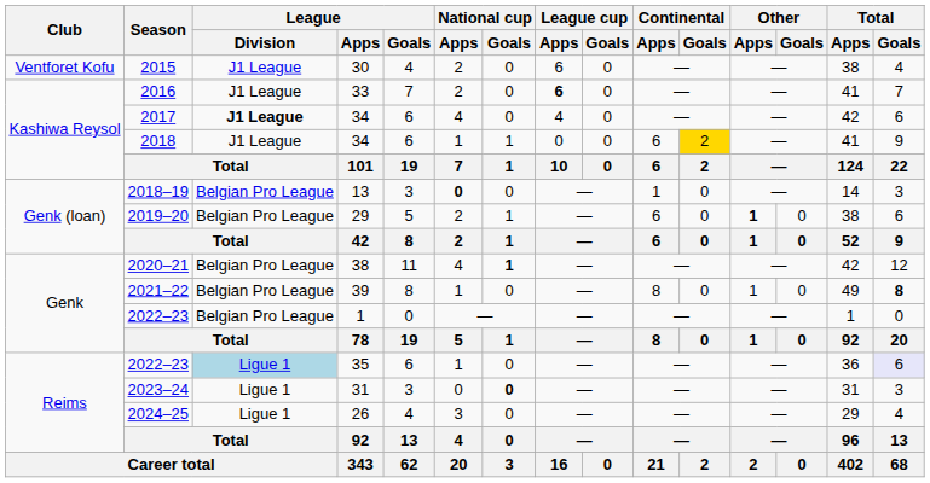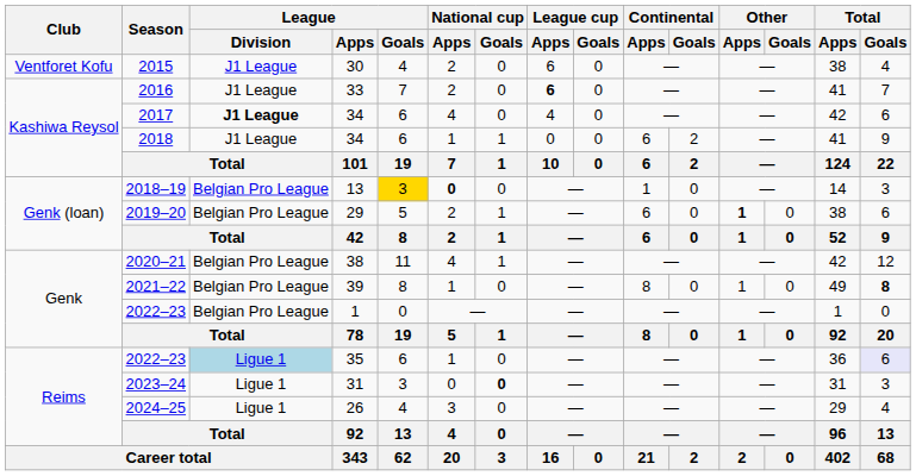 <table class="wikitable" style="text-align:center">
 <tr>
 <th rowspan="2">Club</th>
 <th rowspan="2">Season</th>
 <th colspan="3">League</th>
 <th colspan="2">National cup</th>
 <th colspan="2">League cup</th>
 <th colspan="2">Continental</th>
 <th colspan="2">Other</th>
 <th colspan="2">Total</th>
 </tr>
 <tr>
 <th>Division</th>
 <th>Apps</th>
 <th>Goals</th>
 <th>Apps</th>
 <th>Goals</th>
 <th>Apps</th>
 <th>Goals</th>
 <th>Apps</th>
 <th>Goals</th>
 <th>Apps</th>
 <th>Goals</th>
 <th>Apps</th>
 <th>Goals</th>
 </tr>
 <tr>
 <td><a href='#'>Ventforet Kofu</a></td>
 <td><a href='#'>2015</a></td>
 <td><a href='#'>J1 League</a></td>
 <td>30</td>
 <td>4</td>
 <td>2</td>
 <td>0</td>
 <td>6</td>
 <td>0</td>
 <td colspan="2">—</td>
 <td colspan="2">—</td>
 <td>38</td>
 <td>4</td>
 </tr>
 <tr>
 <td rowspan="4"><a href='#'>Kashiwa Reysol</a></td>
 <td><a href='#'>2016</a></td>
 <td>J1 League</td>
 <td>33</td>
 <td>7</td>
 <td>2</td>
 <td>0</td>
 <td><strong>6</strong></td>
 <td>0</td>
 <td colspan="2">—</td>
 <td colspan="2">—</td>
 <td>41</td>
 <td>7</td>
 </tr>
 <tr>
 <td><a href='#'>2017</a></td>
 <td><strong>J1 League</strong></td>
 <td>34</td>
 <td>6</td>
 <td>4</td>
 <td>0</td>
 <td>4</td>
 <td>0</td>
 <td colspan="2">—</td>
 <td colspan="2">—</td>
 <td>42</td>
 <td>6</td>
 </tr>
 <tr>
 <td><a href='#'>2018</a></td>
 <td>J1 League</td>
 <td>34</td>
 <td>6</td>
 <td>1</td>
 <td>1</td>
 <td>0</td>
 <td>0</td>
 <td>6</td>
-<td style="background: gold;">2</td>
+<td>2</td>
 <td colspan="2">—</td>
 <td>41</td>
 <td>9</td>
 </tr>
 <tr>
 <th colspan="2">Total</th>
 <th>101</th>
 <th>19</th>
 <th>7</th>
 <th>1</th>
 <th>10</th>
 <th>0</th>
 <th>6</th>
 <th>2</th>
 <th colspan="2">—</th>
 <th>124</th>
 <th>22</th>
 </tr>
 <tr>
 <td rowspan="3"><a href='#'>Genk</a> (loan)</td>
 <td><a href='#'>2018–19</a></td>
 <td><a href='#'>Belgian Pro League</a></td>
 <td>13</td>
-<td>3</td>
+<td style="background: gold;">3</td>
 <td><strong>0</strong></td>
 <td>0</td>
 <td colspan="2">—</td>
 <td>1</td>
 <td>0</td>
 <td colspan="2">—</td>
 <td>14</td>
 <td>3</td>
 </tr>
 <tr>
 <td><a href='#'>2019–20</a></td>
 <td>Belgian Pro League</td>
 <td>29</td>
 <td>5</td>
 <td>2</td>
 <td>1</td>
 <td colspan="2">—</td>
 <td>6</td>
 <td>0</td>
 <td><strong>1</strong></td>
 <td>0</td>
 <td>38</td>
 <td>6</td>
 </tr>
 <tr>
 <th colspan="2">Total</th>
 <th>42</th>
 <th>8</th>
 <th>2</th>
 <th>1</th>
 <th colspan="2">—</th>
 <th>6</th>
 <th>0</th>
 <th>1</th>
 <th>0</th>
 <th>52</th>
 <th>9</th>
 </tr>
 <tr>
 <td rowspan="4">Genk</td>
 <td><a href='#'>2020–21</a></td>
 <td>Belgian Pro League</td>
 <td>38</td>
 <td>11</td>
 <td>4</td>
-<td><strong>1</strong></td>
+<td>1</td>
 <td colspan="2">—</td>
 <td colspan="2">—</td>
 <td colspan="2">—</td>
 <td>42</td>
 <td>12</td>
 </tr>
 <tr>
 <td><a href='#'>2021–22</a></td>
 <td>Belgian Pro League</td>
 <td>39</td>
 <td>8</td>
 <td>1</td>
 <td>0</td>
 <td colspan="2">—</td>
 <td>8</td>
 <td>0</td>
 <td>1</td>
 <td>0</td>
 <td>49</td>
 <td><strong>8</strong></td>
 </tr>
 <tr>
 <td><a href='#'>2022–23</a></td>
 <td>Belgian Pro League</td>
 <td>1</td>
 <td>0</td>
 <td colspan="2">—</td>
 <td colspan="2">—</td>
 <td colspan="2">—</td>
 <td colspan="2">—</td>
 <td>1</td>
 <td>0</td>
 </tr>
 <tr>
 <th colspan="2">Total</th>
 <th>78</th>
 <th>19</th>
 <th>5</th>
 <th>1</th>
 <th colspan="2">—</th>
 <th>8</th>
 <th>0</th>
 <th>1</th>
 <th>0</th>
 <th>92</th>
 <th>20</th>
 </tr>
 <tr>
 <td rowspan="4"><a href='#'>Reims</a></td>
 <td><a href='#'>2022–23</a></td>
 <td style="background: lightblue;"><a href='#'>Ligue 1</a></td>
 <td>35</td>
 <td>6</td>
 <td>1</td>
 <td>0</td>
 <td colspan="2">—</td>
 <td colspan="2">—</td>
 <td colspan="2">—</td>
 <td>36</td>
 <td style="background: lavender;">6</td>
 </tr>
 <tr>
 <td><a href='#'>2023–24</a></td>
 <td>Ligue 1</td>
 <td>31</td>
 <td>3</td>
 <td>0</td>
 <td><strong>0</strong></td>
 <td colspan="2">—</td>
 <td colspan="2">—</td>
 <td colspan="2">—</td>
 <td>31</td>
 <td>3</td>
 </tr>
 <tr>
 <td><a href='#'>2024–25</a></td>
 <td>Ligue 1</td>
 <td>26</td>
 <td>4</td>
 <td>3</td>
 <td>0</td>
 <td colspan="2">—</td>
 <td colspan="2">—</td>
 <td colspan="2">—</td>
 <td>29</td>
 <td>4</td>
 </tr>
 <tr>
 <th colspan="2">Total</th>
 <th>92</th>
 <th>13</th>
 <th>4</th>
 <th>0</th>
 <th colspan="2">—</th>
 <th colspan="2">—</th>
 <th colspan="2">—</th>
 <th>96</th>
 <th>13</th>
 </tr>
 <tr>
 <th colspan="3">Career total</th>
 <th>343</th>
 <th>62</th>
 <th>20</th>
 <th>3</th>
 <th>16</th>
 <th>0</th>
 <th>21</th>
 <th>2</th>
 <th>2</th>
 <th>0</th>
 <th>402</th>
 <th>68</th>
 </tr>
 </table>
